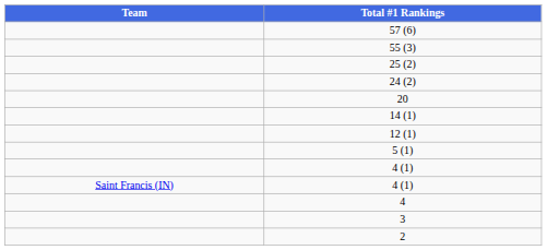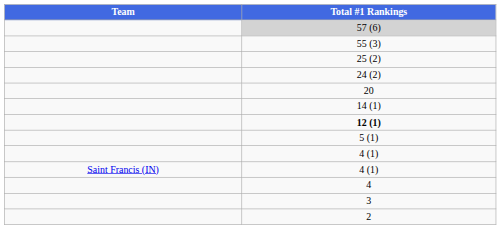 <table class="wikitable" style="width:40%;">
 <tr>
 <th style="background:#4169E1; color:white;">Team</th>
 <th style="background:#4169E1; color:white;">Total #1 Rankings</th>
 </tr>
 <tr style="text-align:center;">
 <td></td>
-<td>57 (6)</td>
+<td style="background: lightgrey;">57 (6)</td>
 </tr>
 <tr style="text-align:center;">
 <td></td>
 <td>55 (3)</td>
 </tr>
 <tr style="text-align:center;">
 <td></td>
 <td>25 (2)</td>
 </tr>
 <tr style="text-align:center;">
 <td></td>
 <td>24 (2)</td>
 </tr>
 <tr style="text-align:center;">
 <td></td>
 <td>20</td>
 </tr>
 <tr style="text-align:center;">
 <td></td>
 <td>14 (1)</td>
 </tr>
 <tr style="text-align:center;">
 <td></td>
-<td>12 (1)</td>
+<td><strong>12 (1)</strong></td>
 </tr>
 <tr style="text-align:center;">
 <td></td>
 <td>5 (1)</td>
 </tr>
 <tr style="text-align:center;">
 <td></td>
 <td>4 (1)</td>
 </tr>
 <tr style="text-align:center;">
 <td><a href='#'>Saint Francis (IN)</a></td>
 <td>4 (1)</td>
 </tr>
 <tr style="text-align:center;">
 <td></td>
 <td>4</td>
 </tr>
 <tr style="text-align:center;">
 <td></td>
 <td>3</td>
 </tr>
 <tr style="text-align:center;">
 <td></td>
 <td>2</td>
 </tr>
 </table>
